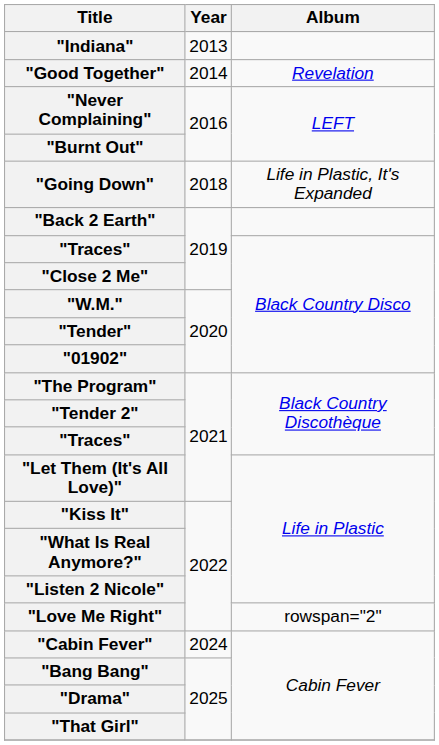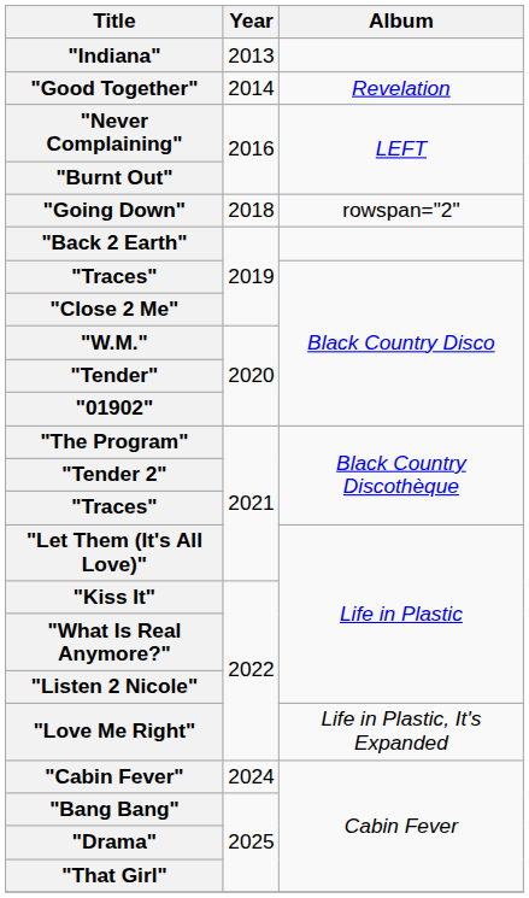 <table class="wikitable plainrowheaders" style="text-align:center;">
 <tr>
 <th scope="col" style="width:160px;">Title</th>
 <th scope="col">Year</th>
 <th scope="col" style="width:180px;">Album</th>
 </tr>
 <tr>
 <th scope="row">"Indiana"</th>
 <td rowspan="1">2013</td>
 <td></td>
 </tr>
 <tr>
 <th scope="row">"Good Together"</th>
 <td>2014</td>
 <td><em><a href='#'>Revelation</a></em></td>
 </tr>
 <tr>
 <th scope="row">"Never Complaining"</th>
 <td rowspan="2">2016</td>
 <td rowspan="2"><em><a href='#'>LEFT</a></em></td>
 </tr>
 <tr>
 <th scope="row">"Burnt Out"</th>
 </tr>
 <tr>
 <th scope="row">"Going Down"</th>
 <td rowspan="1">2018</td>
-<td rowspan="1"><em>Life in Plastic, It's Expanded</em></td>
+<td>rowspan="2" </td>
 </tr>
 <tr>
 <th scope="row">"Back 2 Earth"</th>
 <td rowspan="3">2019</td>
 </tr>
 <tr>
 <th scope="row">"Traces"</th>
 <td rowspan="5"><em><a href='#'>Black Country Disco</a></em></td>
 </tr>
 <tr>
 <th scope="row">"Close 2 Me"</th>
 </tr>
 <tr>
 <th scope="row">"W.M."</th>
 <td rowspan="3">2020</td>
 </tr>
 <tr>
 <th scope="row">"Tender"</th>
 </tr>
 <tr>
 <th scope="row">"01902"</th>
 </tr>
 <tr>
 <th scope="row">"The Program" </th>
 <td rowspan="4">2021</td>
 <td rowspan="3"><em><a href='#'>Black Country Discothèque</a></em></td>
 </tr>
 <tr>
 <th scope="row">"Tender 2" </th>
 </tr>
 <tr>
 <th scope="row">"Traces" </th>
 </tr>
 <tr>
 <th scope="row">"Let Them (It's All Love)"</th>
 <td rowspan="4"><em><a href='#'>Life in Plastic</a></em></td>
 </tr>
 <tr>
 <th scope="row">"Kiss It"</th>
 <td rowspan="4">2022</td>
 </tr>
 <tr>
 <th scope="row">"What Is Real Anymore?"</th>
 </tr>
 <tr>
 <th scope="row">"Listen 2 Nicole"</th>
 </tr>
 <tr>
 <th scope="row">"Love Me Right"</th>
-<td>rowspan="2" </td>
+<td rowspan="1"><em>Life in Plastic, It's Expanded</em></td>
 </tr>
 <tr>
 <th scope="row">"Cabin Fever"</th>
 <td rowspan="1">2024</td>
 <td rowspan="4"><em>Cabin Fever</em></td>
 </tr>
 <tr>
 <th scope="row">"Bang Bang"</th>
 <td rowspan="3">2025</td>
 </tr>
 <tr>
 <th scope="row">"Drama"</th>
 </tr>
 <tr>
 <th scope="row">"That Girl"</th>
 </tr>
 <tr>
 </tr>
 </table>
